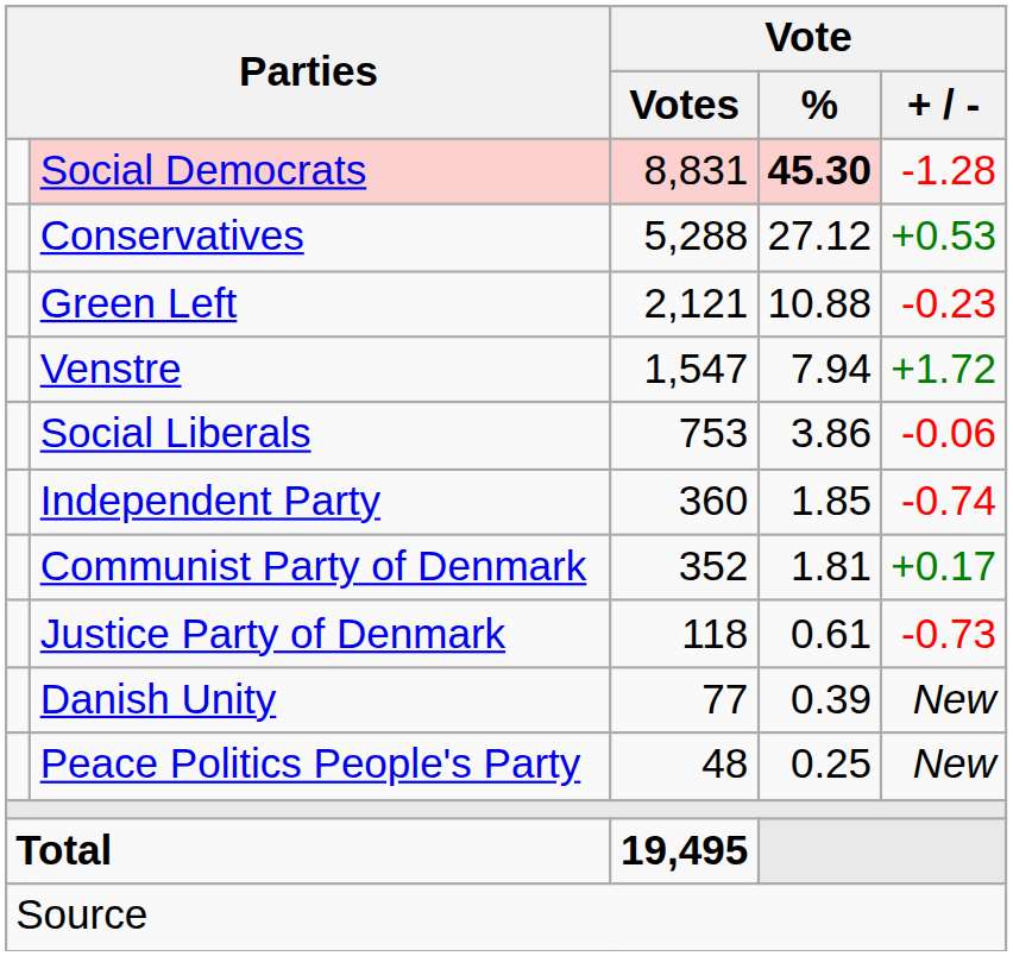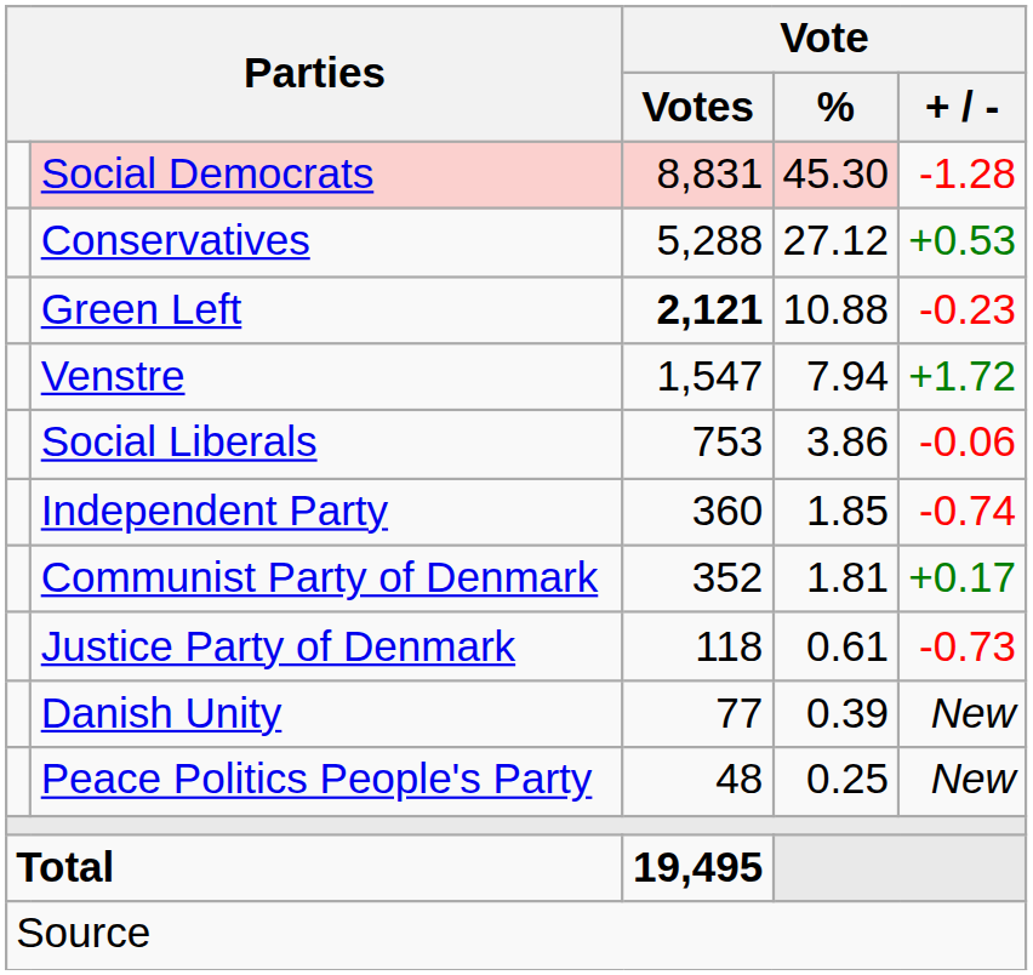 <table class="wikitable" style="text-align:right;">
 <tr>
 <th style="text-align:centre;" rowspan="2" colspan="2" width="225">Parties</th>
 <th colspan="3">Vote</th>
 </tr>
 <tr>
 <th width="15">Votes</th>
 <th width="15">%</th>
 <th width="15">+ / -</th>
 </tr>
 <tr>
 <td width="2" style="color:inherit;background:"></td>
 <td bgcolor=#fbd0ce  align="left"><a href='#'>Social Democrats</a></td>
 <td bgcolor=#fbd0ce>8,831</td>
-<td bgcolor=#fbd0ce><strong>45.30</strong></td>
+<td bgcolor=#fbd0ce>45.30</td>
 <td style=color:red;>-1.28</td>
 </tr>
 <tr>
 <td width="2" style="color:inherit;background:"></td>
 <td align="left"><a href='#'>Conservatives</a></td>
 <td>5,288</td>
 <td>27.12</td>
 <td style=color:green;>+0.53</td>
 </tr>
 <tr>
 <td width="2" style="color:inherit;background:"></td>
 <td align="left"><a href='#'>Green Left</a></td>
-<td>2,121</td>
+<td><strong>2,121</strong></td>
 <td>10.88</td>
 <td style=color:red;>-0.23</td>
 </tr>
 <tr>
 <td width="2" style="color:inherit;background:"></td>
 <td align="left"><a href='#'>Venstre</a></td>
 <td>1,547</td>
 <td>7.94</td>
 <td style=color:green;>+1.72</td>
 </tr>
 <tr>
 <td width="2" style="color:inherit;background:"></td>
 <td align="left"><a href='#'>Social Liberals</a></td>
 <td>753</td>
 <td>3.86</td>
 <td style=color:red;>-0.06</td>
 </tr>
 <tr>
 <td width="2" style="color:inherit;background:"></td>
 <td align="left"><a href='#'>Independent Party</a></td>
 <td>360</td>
 <td>1.85</td>
 <td style=color:red;>-0.74</td>
 </tr>
 <tr>
 <td width="2" style="color:inherit;background:"></td>
 <td align="left"><a href='#'>Communist Party of Denmark</a></td>
 <td>352</td>
 <td>1.81</td>
 <td style=color:green;>+0.17</td>
 </tr>
 <tr>
 <td width="2" style="color:inherit;background:"></td>
 <td align="left"><a href='#'>Justice Party of Denmark</a></td>
 <td>118</td>
 <td>0.61</td>
 <td style=color:red;>-0.73</td>
 </tr>
 <tr>
 <td width="2" style="color:inherit;background:"></td>
 <td align="left"><a href='#'>Danish Unity</a></td>
 <td>77</td>
 <td>0.39</td>
 <td><em>New</em></td>
 </tr>
 <tr>
 <td width="2" style="color:inherit;background:"></td>
 <td align="left"><a href='#'>Peace Politics People's Party</a></td>
 <td>48</td>
 <td>0.25</td>
 <td><em>New</em></td>
 </tr>
 <tr>
 <td colspan="7" bgcolor="#E9E9E9"></td>
 </tr>
 <tr>
 <td align="left" colspan="2"><strong>Total</strong></td>
 <td><strong>19,495</strong></td>
 <td bgcolor="#E9E9E9" colspan="2"></td>
 </tr>
 <tr>
 <td align="left" colspan="6">Source</td>
 </tr>
 </table>
